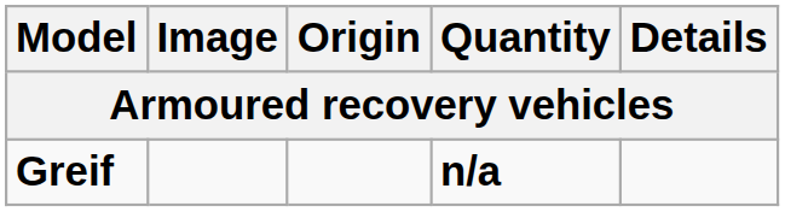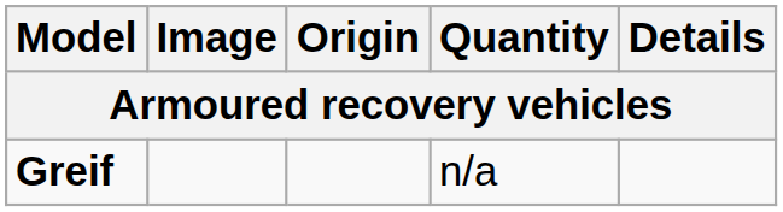 <table class="wikitable">
 <tr>
 <th>Model</th>
 <th>Image</th>
 <th>Origin</th>
 <th>Quantity</th>
 <th>Details</th>
 </tr>
 <tr>
 <th colspan="5">Armoured recovery vehicles</th>
 </tr>
 <tr>
 <td><strong>Greif</strong></td>
 <td></td>
 <td></td>
-<td><strong>n/a</strong></td>
+<td>n/a</td>
 <td></td>
 </tr>
 </table>
